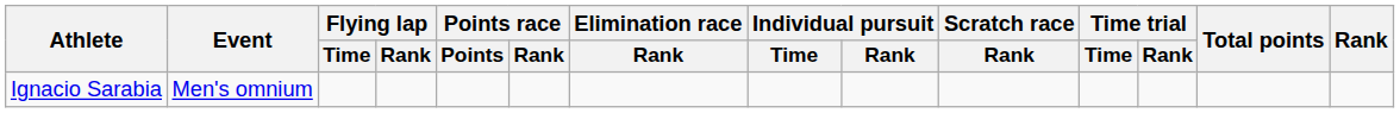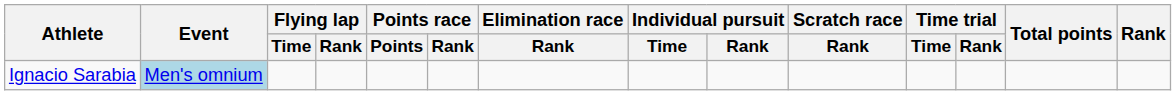 <table class="wikitable" style="font-size:90%">
 <tr>
 <th rowspan=2>Athlete</th>
 <th rowspan=2>Event</th>
 <th colspan=2>Flying lap</th>
 <th colspan=2>Points race</th>
 <th>Elimination race</th>
 <th colspan=2>Individual pursuit</th>
 <th>Scratch race</th>
 <th colspan=2>Time trial</th>
 <th rowspan=2>Total points</th>
 <th rowspan=2>Rank</th>
 </tr>
 <tr style="font-size:95%">
 <th>Time</th>
 <th>Rank</th>
 <th>Points</th>
 <th>Rank</th>
 <th>Rank</th>
 <th>Time</th>
 <th>Rank</th>
 <th>Rank</th>
 <th>Time</th>
 <th>Rank</th>
 </tr>
 <tr align=center>
 <td align=left><a href='#'>Ignacio Sarabia</a></td>
-<td align=left><a href='#'>Men's omnium</a></td>
+<td align=left style="background: lightblue;"><a href='#'>Men's omnium</a></td>
 <td></td>
 <td></td>
 <td></td>
 <td></td>
 <td></td>
 <td></td>
 <td></td>
 <td></td>
 <td></td>
 <td></td>
 <td></td>
 <td></td>
 </tr>
 </table>
